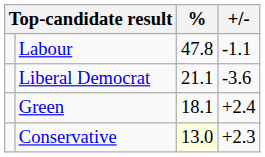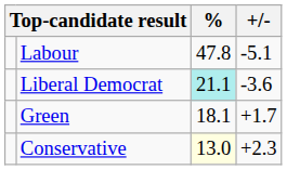 <table class="wikitable">
 <tr>
 <th colspan="2">Top-candidate result</th>
 <th>%</th>
 <th>+/-</th>
 </tr>
 <tr>
 <td style="background-color: "></td>
 <td><a href='#'>Labour</a></td>
 <td>47.8</td>
-<td>-1.1</td>
+<td>-5.1</td>
 </tr>
 <tr>
 <td style="background-color: "></td>
 <td><a href='#'>Liberal Democrat</a></td>
-<td>21.1</td>
+<td style="background: paleturquoise;">21.1</td>
 <td>-3.6</td>
 </tr>
 <tr>
 <td style="background-color: "></td>
 <td><a href='#'>Green</a></td>
 <td>18.1</td>
-<td>+2.4</td>
+<td>+1.7</td>
 </tr>
 <tr>
 <td style="background-color: "></td>
 <td><a href='#'>Conservative</a></td>
 <td style="background: lightyellow;">13.0</td>
 <td>+2.3</td>
 </tr>
 </table>
